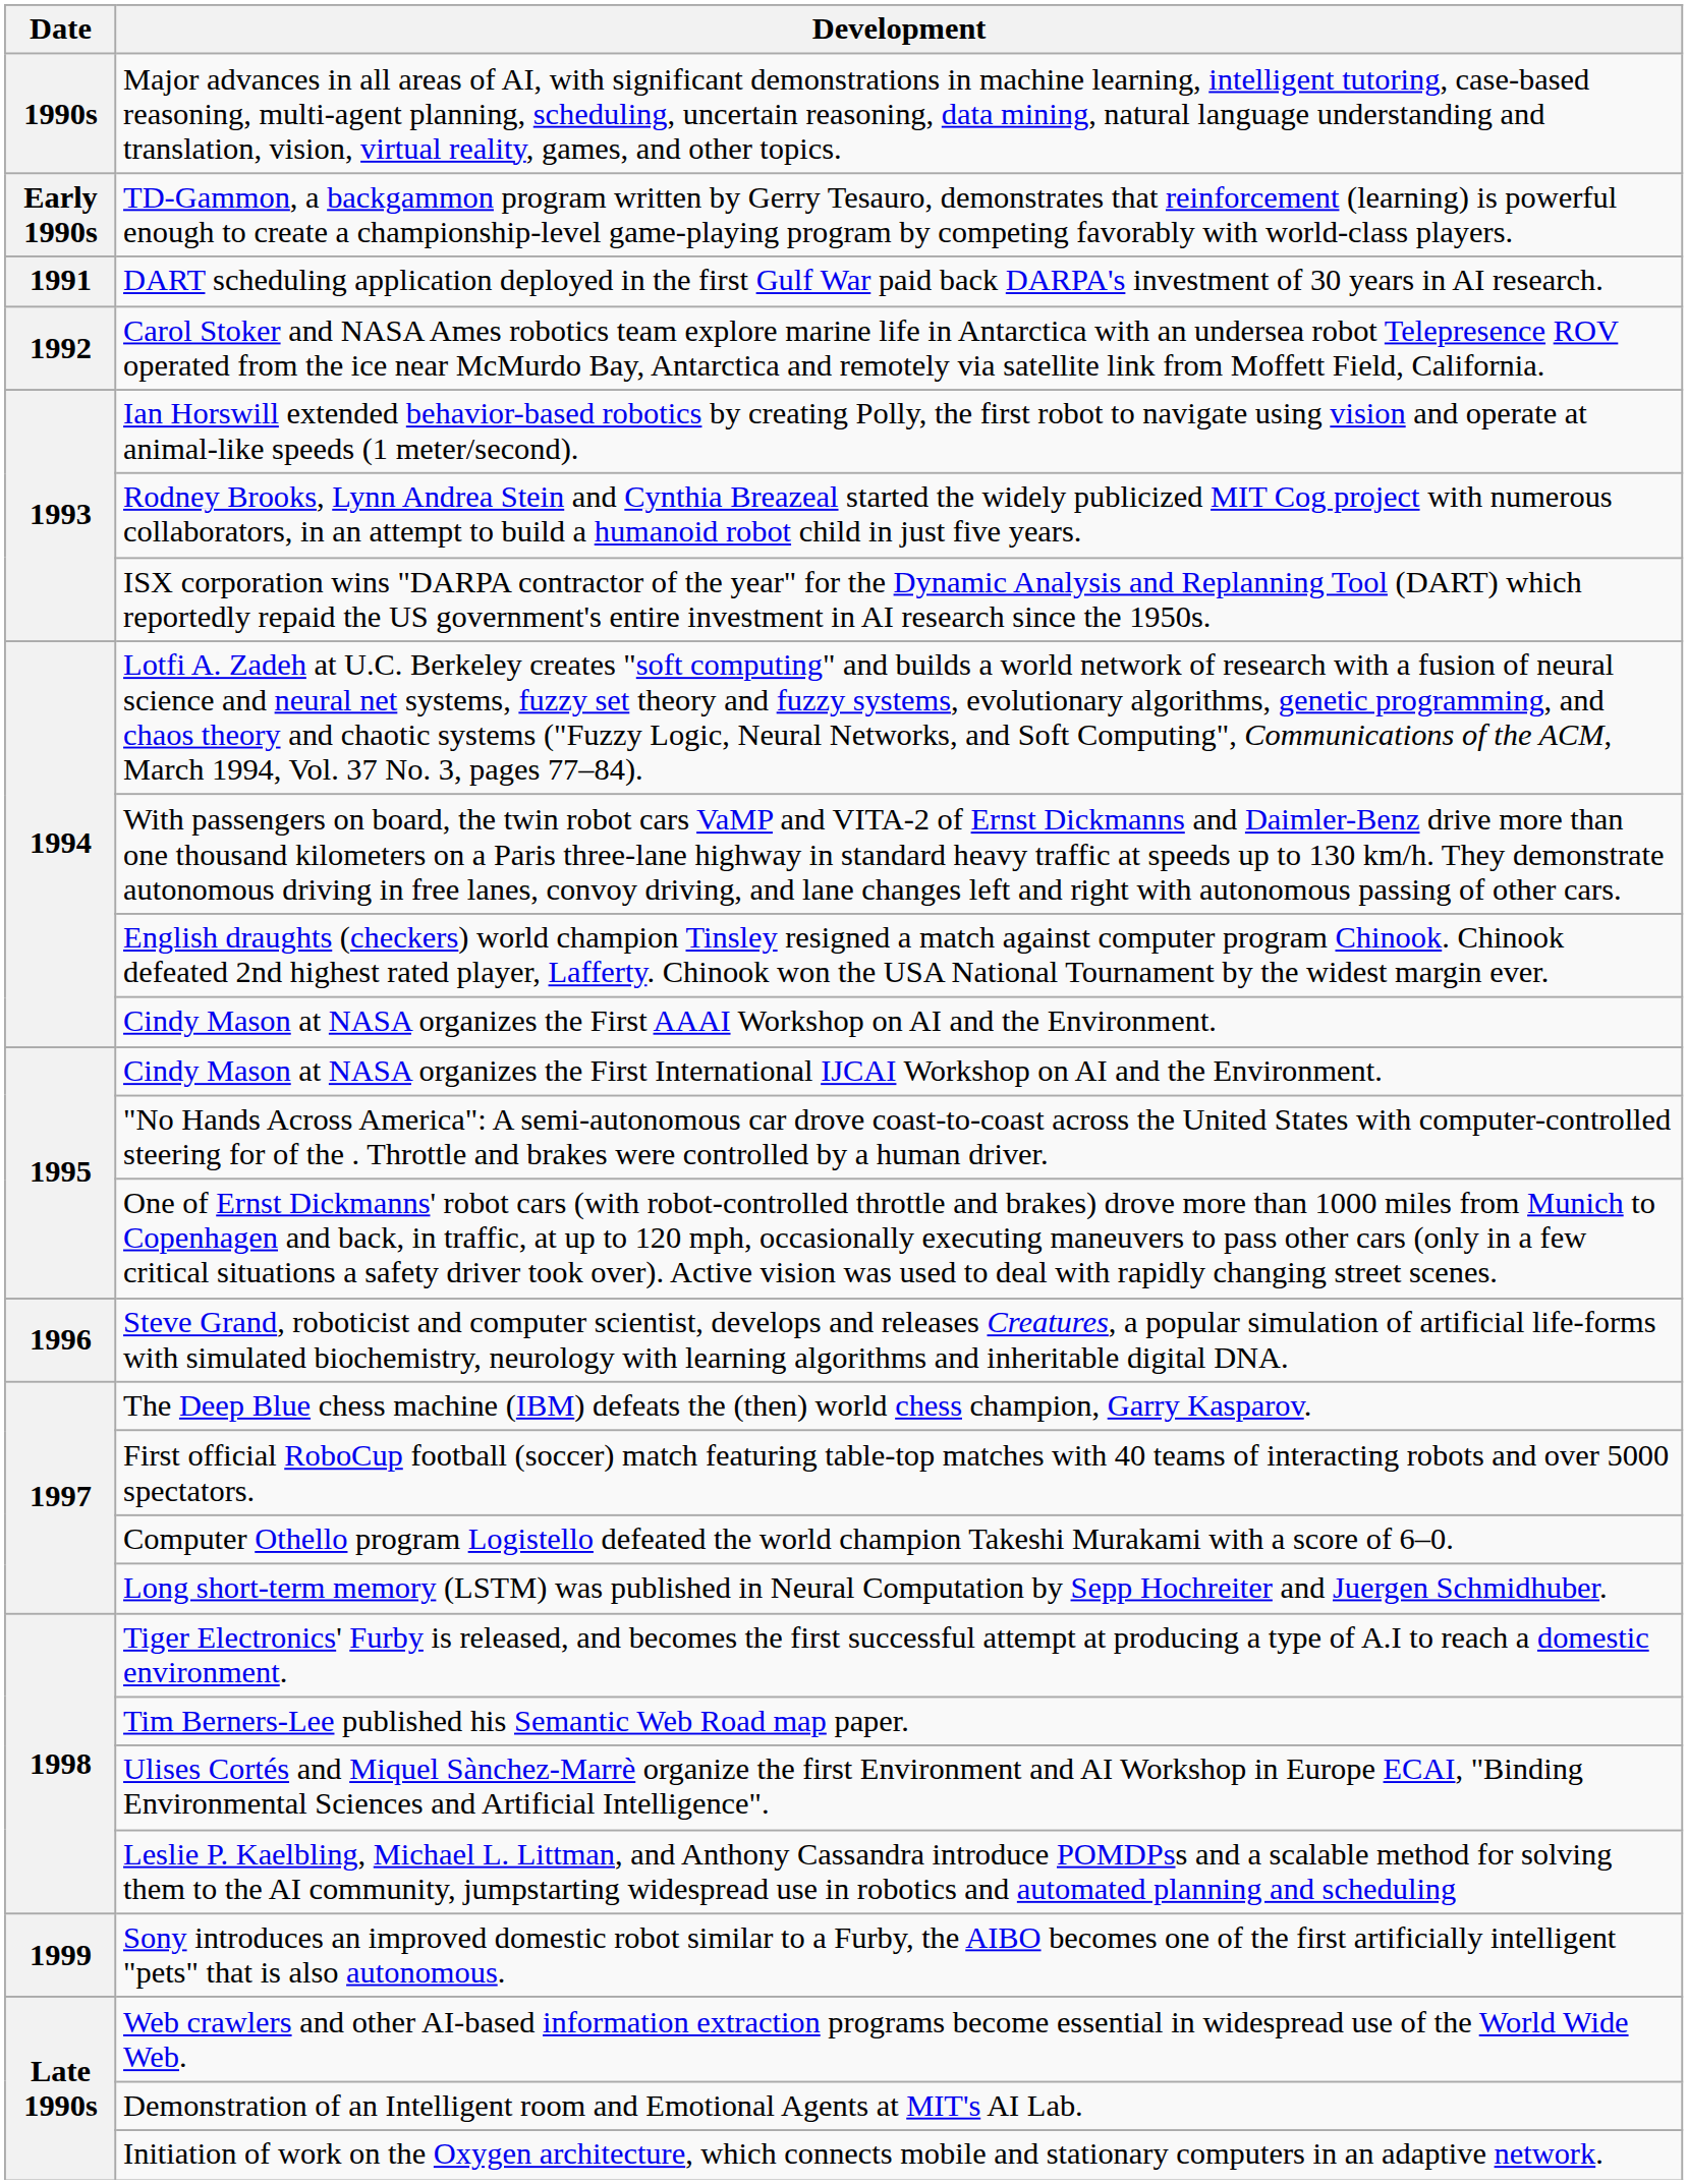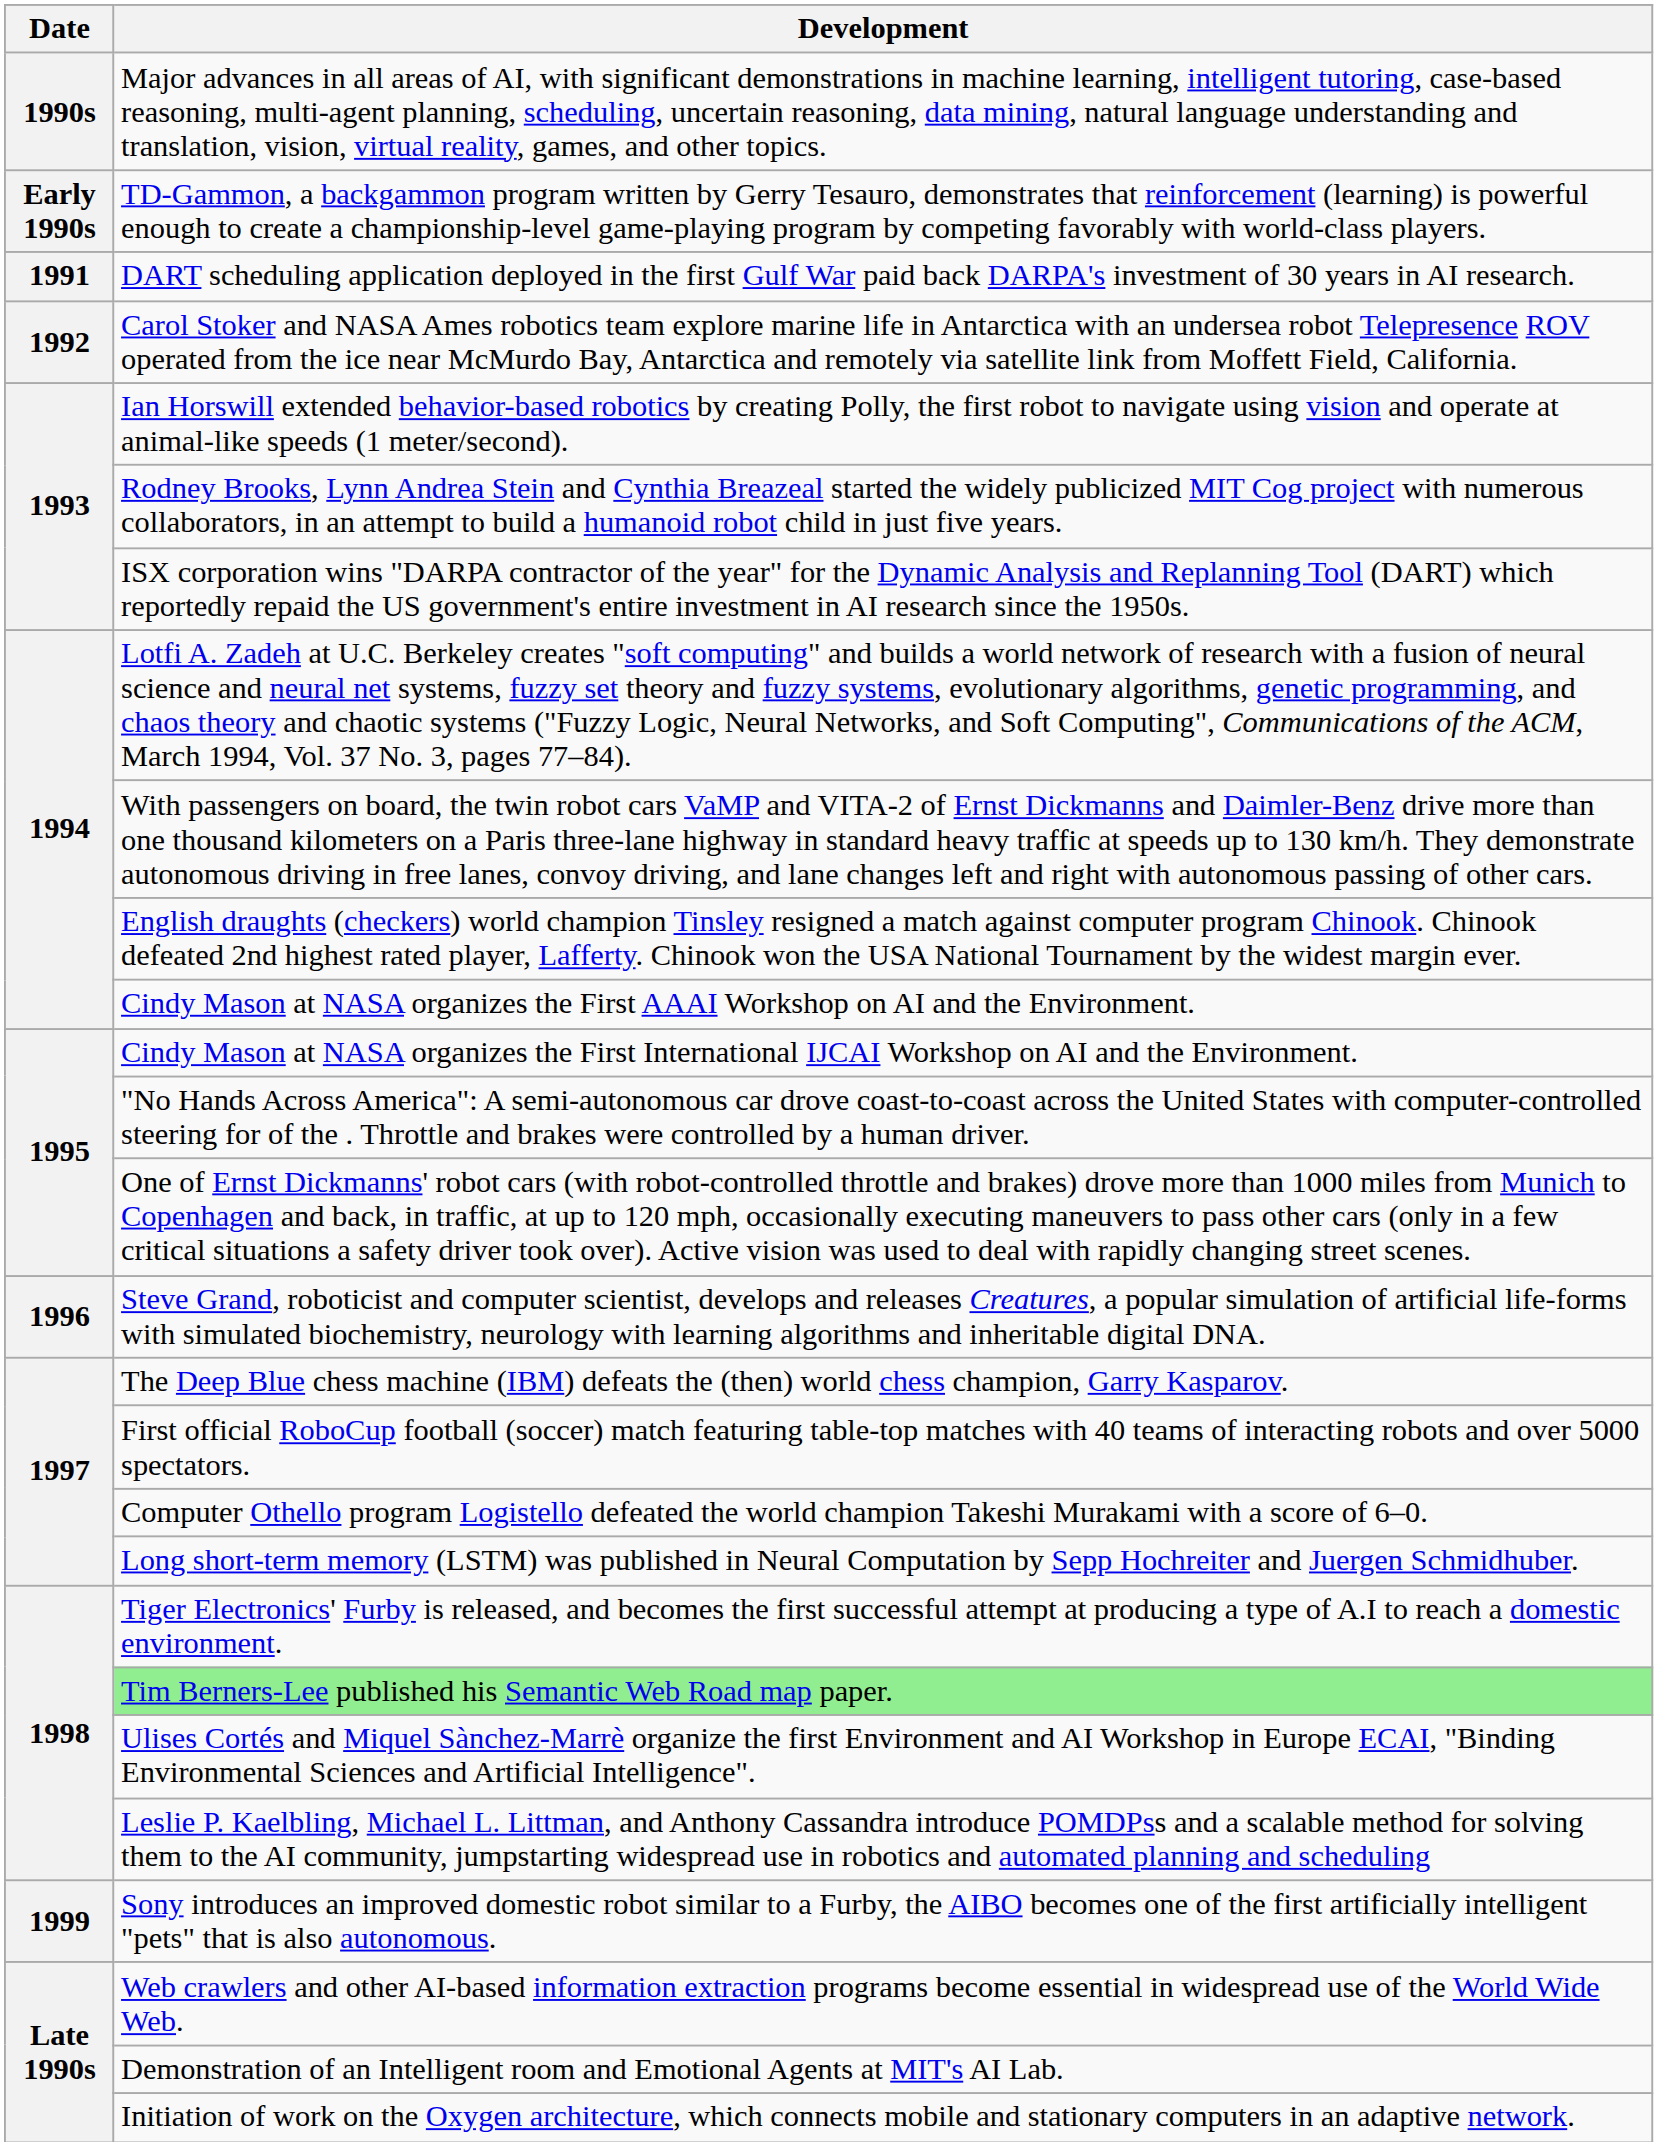 <table class="wikitable">
 <tr>
 <th>Date</th>
 <th>Development</th>
 </tr>
 <tr>
 <th>1990s</th>
 <td>Major advances in all areas of AI, with significant demonstrations in machine learning, <a href='#'>intelligent tutoring</a>, case-based reasoning, multi-agent planning, <a href='#'>scheduling</a>, uncertain reasoning, <a href='#'>data mining</a>, natural language understanding and translation, vision, <a href='#'>virtual reality</a>, games, and other topics.</td>
 </tr>
 <tr>
 <th>Early 1990s</th>
 <td><a href='#'>TD-Gammon</a>, a <a href='#'>backgammon</a> program written by Gerry Tesauro, demonstrates that <a href='#'>reinforcement</a> (learning) is powerful enough to create a championship-level game-playing program by competing favorably with world-class players.</td>
 </tr>
 <tr>
 <th>1991</th>
 <td><a href='#'>DART</a> scheduling application deployed in the first <a href='#'>Gulf War</a> paid back <a href='#'>DARPA's</a> investment of 30 years in AI research.</td>
 </tr>
 <tr>
 <th>1992</th>
 <td><a href='#'>Carol Stoker</a> and NASA Ames robotics team explore marine life in Antarctica with an undersea robot <a href='#'>Telepresence</a> <a href='#'>ROV</a> operated from the ice near McMurdo Bay, Antarctica and remotely via satellite link from Moffett Field, California.</td>
 </tr>
 <tr>
 <th rowspan=3>1993</th>
 <td><a href='#'>Ian Horswill</a> extended <a href='#'>behavior-based robotics</a> by creating Polly, the first robot to navigate using <a href='#'>vision</a> and operate at animal-like speeds (1 meter/second).</td>
 </tr>
 <tr>
 <td><a href='#'>Rodney Brooks</a>, <a href='#'>Lynn Andrea Stein</a> and <a href='#'>Cynthia Breazeal</a> started the widely publicized <a href='#'>MIT Cog project</a> with numerous collaborators, in an attempt to build a <a href='#'>humanoid robot</a> child in just five years.</td>
 </tr>
 <tr>
 <td>ISX corporation wins "DARPA contractor of the year" for the <a href='#'>Dynamic Analysis and Replanning Tool</a> (DART) which reportedly repaid the US government's entire investment in AI research since the 1950s.</td>
 </tr>
 <tr>
 <th rowspan=4>1994</th>
 <td><a href='#'>Lotfi A. Zadeh</a> at U.C. Berkeley creates "<a href='#'>soft computing</a>" and builds a world network of research with a fusion of neural science and <a href='#'>neural net</a> systems, <a href='#'>fuzzy set</a> theory and <a href='#'>fuzzy systems</a>, evolutionary algorithms, <a href='#'>genetic programming</a>, and <a href='#'>chaos theory</a> and chaotic systems ("Fuzzy Logic, Neural Networks, and Soft Computing", <em>Communications of the ACM</em>, March 1994, Vol. 37 No. 3, pages 77–84).</td>
 </tr>
 <tr>
 <td>With passengers on board, the twin robot cars <a href='#'>VaMP</a> and VITA-2 of <a href='#'>Ernst Dickmanns</a> and <a href='#'>Daimler-Benz</a> drive more than one thousand kilometers on a Paris three-lane highway in standard heavy traffic at speeds up to 130 km/h. They demonstrate autonomous driving in free lanes, convoy driving, and lane changes left and right with autonomous passing of other cars.</td>
 </tr>
 <tr>
 <td><a href='#'>English draughts</a> (<a href='#'>checkers</a>) world champion <a href='#'>Tinsley</a> resigned a match against computer program <a href='#'>Chinook</a>. Chinook defeated 2nd highest rated player, <a href='#'>Lafferty</a>. Chinook won the USA National Tournament by the widest margin ever.</td>
 </tr>
 <tr>
 <td><a href='#'>Cindy Mason</a> at <a href='#'>NASA</a> organizes the First <a href='#'>AAAI</a> Workshop on AI and the Environment.</td>
 </tr>
 <tr>
 <th rowspan=3>1995</th>
 <td><a href='#'>Cindy Mason</a> at <a href='#'>NASA</a> organizes the First International <a href='#'>IJCAI</a> Workshop on AI and the Environment.</td>
 </tr>
 <tr>
 <td>"No Hands Across America": A semi-autonomous car drove coast-to-coast across the United States with computer-controlled steering for  of the . Throttle and brakes were controlled by a human driver.</td>
 </tr>
 <tr>
 <td>One of <a href='#'>Ernst Dickmanns</a>' robot cars (with robot-controlled throttle and brakes) drove more than 1000 miles from <a href='#'>Munich</a> to <a href='#'>Copenhagen</a> and back, in traffic, at up to 120 mph, occasionally executing maneuvers to pass other cars (only in a few critical situations a safety driver took over). Active vision was used to deal with rapidly changing street scenes.</td>
 </tr>
 <tr>
 <th>1996</th>
 <td><a href='#'>Steve Grand</a>, roboticist and computer scientist, develops and releases <a href='#'><em>Creatures</em></a>, a popular simulation of artificial life-forms with simulated biochemistry, neurology with learning algorithms and inheritable digital DNA.</td>
 </tr>
 <tr>
 <th rowspan=4>1997</th>
 <td>The <a href='#'>Deep Blue</a> chess machine (<a href='#'>IBM</a>) defeats the (then) world <a href='#'>chess</a> champion, <a href='#'>Garry Kasparov</a>.</td>
 </tr>
 <tr>
 <td>First official <a href='#'>RoboCup</a> football (soccer) match featuring table-top matches with 40 teams of interacting robots and over 5000 spectators.</td>
 </tr>
 <tr>
 <td>Computer <a href='#'>Othello</a> program <a href='#'>Logistello</a> defeated the world champion Takeshi Murakami with a score of 6–0.</td>
 </tr>
 <tr>
 <td><a href='#'>Long short-term memory</a> (LSTM) was published in Neural Computation by <a href='#'>Sepp Hochreiter</a> and <a href='#'>Juergen Schmidhuber</a>.</td>
 </tr>
 <tr>
 <th rowspan=4>1998</th>
 <td><a href='#'>Tiger Electronics</a>' <a href='#'>Furby</a> is released, and becomes the first successful attempt at producing a type of A.I to reach a <a href='#'>domestic environment</a>.</td>
 </tr>
 <tr>
-<td><a href='#'>Tim Berners-Lee</a> published his <a href='#'>Semantic Web Road map</a> paper.</td>
+<td style="background: lightgreen;"><a href='#'>Tim Berners-Lee</a> published his <a href='#'>Semantic Web Road map</a> paper.</td>
 </tr>
 <tr>
 <td><a href='#'>Ulises Cortés</a> and <a href='#'>Miquel Sànchez-Marrè</a> organize the first Environment and AI Workshop in Europe <a href='#'>ECAI</a>, "Binding Environmental Sciences and Artificial Intelligence".</td>
 </tr>
 <tr>
 <td><a href='#'>Leslie P. Kaelbling</a>, <a href='#'>Michael L. Littman</a>, and Anthony Cassandra introduce <a href='#'>POMDPs</a>s and a scalable method for solving them to the AI community, jumpstarting widespread use in robotics and <a href='#'>automated planning and scheduling</a></td>
 </tr>
 <tr>
 <th>1999</th>
 <td><a href='#'>Sony</a> introduces an improved domestic robot similar to a Furby, the <a href='#'>AIBO</a> becomes one of the first artificially intelligent "pets" that is also <a href='#'>autonomous</a>.</td>
 </tr>
 <tr>
 <th rowspan=3>Late 1990s</th>
 <td><a href='#'>Web crawlers</a> and other AI-based <a href='#'>information extraction</a> programs become essential in widespread use of the <a href='#'>World Wide Web</a>.</td>
 </tr>
 <tr>
 <td>Demonstration of an Intelligent room and Emotional Agents at <a href='#'>MIT's</a> AI Lab.</td>
 </tr>
 <tr>
 <td>Initiation of work on the <a href='#'>Oxygen architecture</a>, which connects mobile and stationary computers in an adaptive <a href='#'>network</a>.</td>
 </tr>
 </table>
